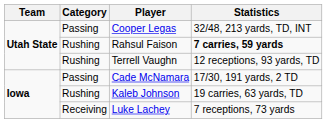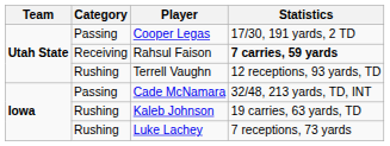 <table class="wikitable" style="float: left;">
 <tr>
 <th>Team</th>
 <th>Category</th>
 <th>Player</th>
 <th>Statistics</th>
 </tr>
 <tr>
 <td rowspan=3><strong>Utah State</strong></td>
 <td>Passing</td>
 <td><a href='#'>Cooper Legas</a></td>
-<td>32/48, 213 yards, TD, INT</td>
+<td>17/30, 191 yards, 2 TD</td>
 </tr>
 <tr>
-<td>Rushing</td>
+<td>Receiving</td>
 <td>Rahsul Faison</td>
 <td><strong>7 carries, 59 yards</strong></td>
 </tr>
 <tr>
 <td>Rushing</td>
 <td>Terrell Vaughn</td>
 <td>12 receptions, 93 yards, TD</td>
 </tr>
 <tr>
 <td rowspan=3><strong>Iowa</strong></td>
 <td>Passing</td>
 <td><a href='#'>Cade McNamara</a></td>
-<td>17/30, 191 yards, 2 TD</td>
+<td>32/48, 213 yards, TD, INT</td>
 </tr>
 <tr>
 <td>Rushing</td>
 <td><a href='#'>Kaleb Johnson</a></td>
 <td>19 carries, 63 yards, TD</td>
 </tr>
 <tr>
-<td>Receiving</td>
+<td>Rushing</td>
 <td><a href='#'>Luke Lachey</a></td>
 <td>7 receptions, 73 yards</td>
 </tr>
 </table>
